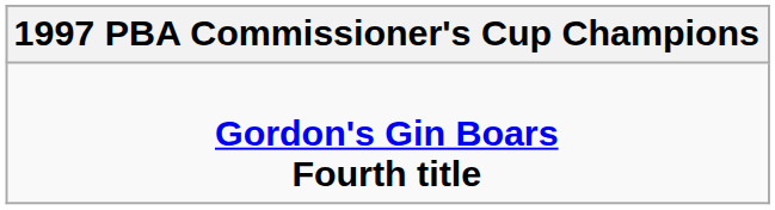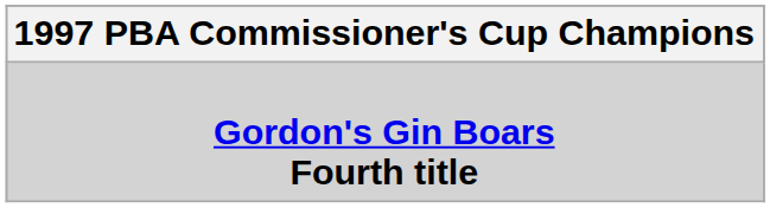 <table class=wikitable style="text-align:center; margin:auto">
 <tr>
 <th>1997 PBA Commissioner's Cup Champions</th>
 </tr>
 <tr>
-<td><br> <strong><a href='#'>Gordon's Gin Boars</a></strong> <br> <strong>Fourth title</strong></td>
+<td style="background: lightgrey;"><br> <strong><a href='#'>Gordon's Gin Boars</a></strong> <br> <strong>Fourth title</strong></td>
 </tr>
 </table>
